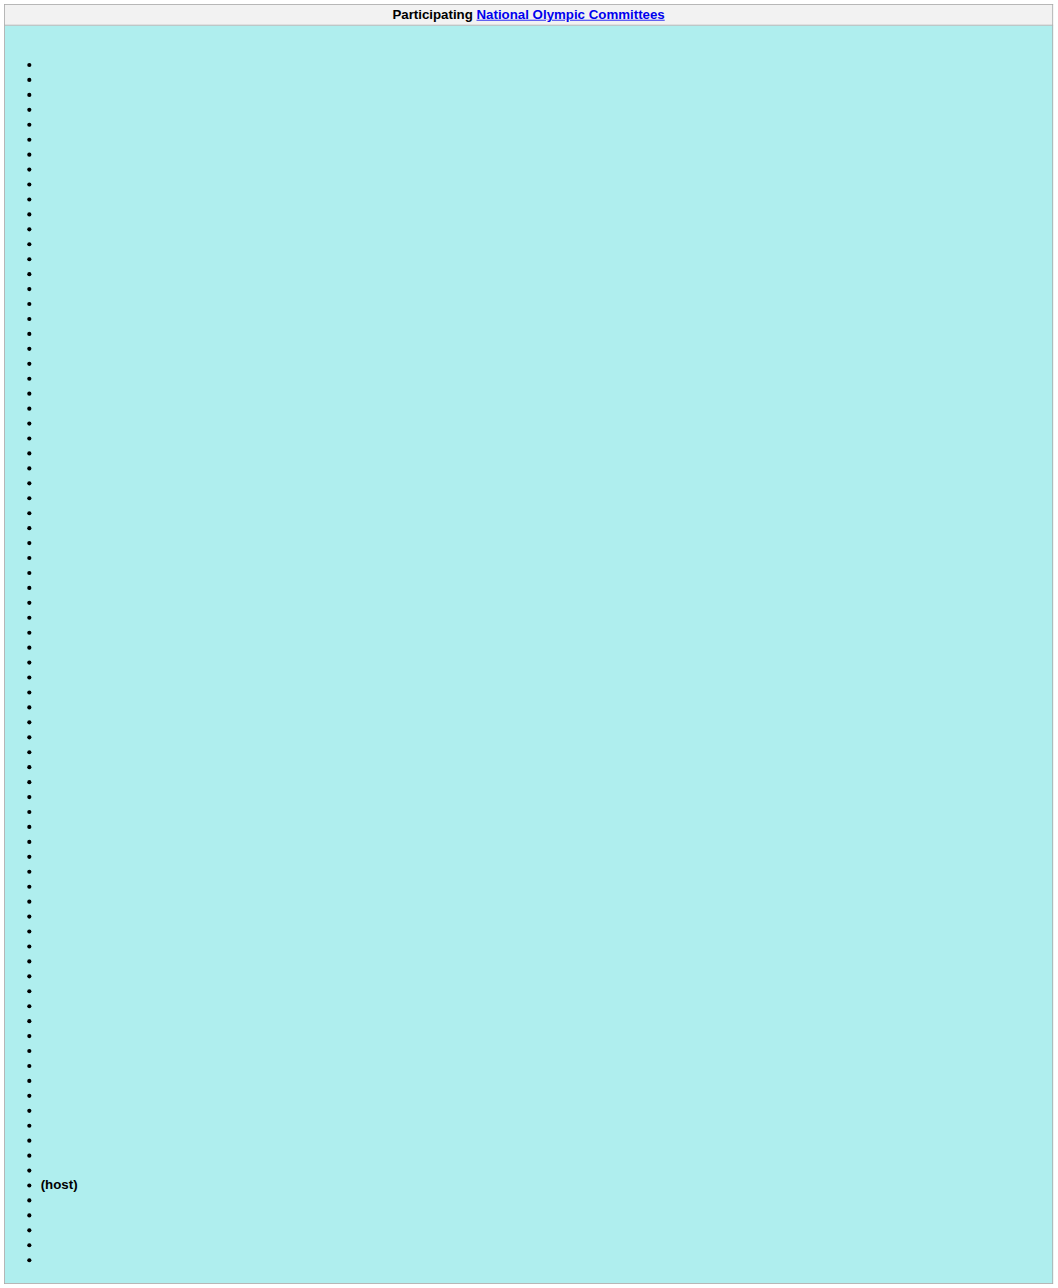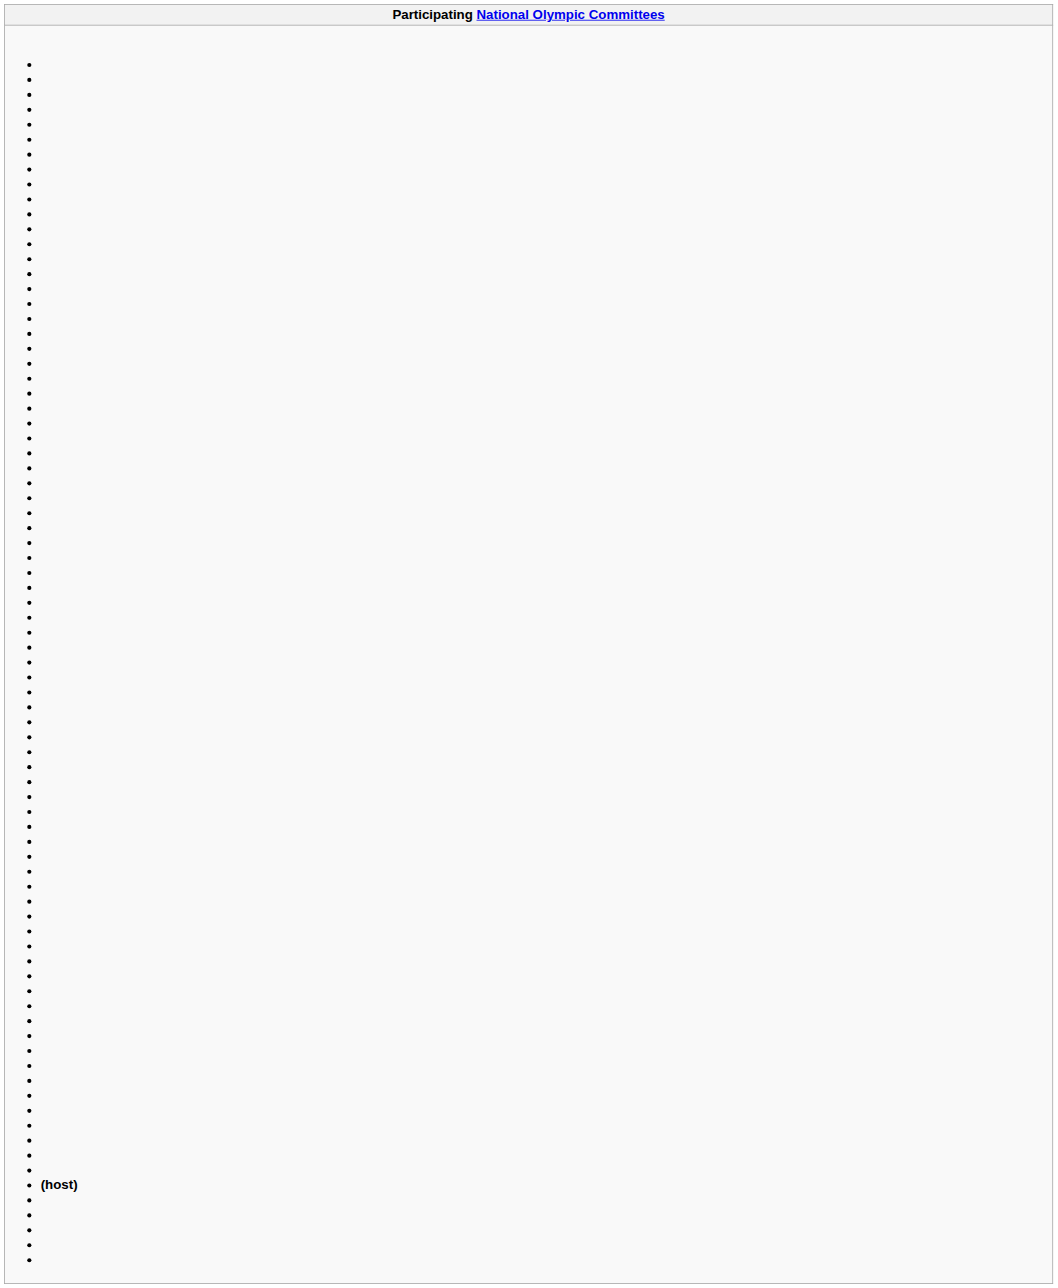 <table class="wikitable collapsible" style="width:100%;">
 <tr>
 <th>Participating <a href='#'>National Olympic Committees</a></th>
 </tr>
 <tr>
-<td style="background: paleturquoise;"><br><ul><li></li><li></li><li><em></em></li><li></li><li><em></em></li><li></li><li><em></em></li><li></li><li></li><li></li><li></li><li></li><li></li><li></li><li></li><li></li><li></li><li></li><li></li><li><em></em></li><li></li><li></li><li></li><li></li><li><em></em></li><li></li><li><em></em></li><li></li><li></li><li></li><li></li><li></li><li></li><li></li><li></li><li><em></em></li><li><em></em></li><li></li><li></li><li></li><li></li><li></li><li></li><li></li><li></li><li></li><li><em></em></li><li></li><li></li><li></li><li></li><li></li><li></li><li></li><li><em></em></li><li><em></em></li><li></li><li></li><li></li><li></li><li><em></em></li><li><em></em></li><li></li><li><em></em></li><li></li><li></li><li></li><li><em></em></li><li></li><li></li><li><em></em></li><li></li><li></li><li></li><li></li><li> <strong>(host)</strong></li><li></li><li></li><li></li><li></li><li></li></ul> </td>
+<td><br><ul><li></li><li></li><li><em></em></li><li></li><li><em></em></li><li></li><li><em></em></li><li></li><li></li><li></li><li></li><li></li><li></li><li></li><li></li><li></li><li></li><li></li><li></li><li><em></em></li><li></li><li></li><li></li><li></li><li><em></em></li><li></li><li><em></em></li><li></li><li></li><li></li><li></li><li></li><li></li><li></li><li></li><li><em></em></li><li><em></em></li><li></li><li></li><li></li><li></li><li></li><li></li><li></li><li></li><li></li><li><em></em></li><li></li><li></li><li></li><li></li><li></li><li></li><li></li><li><em></em></li><li><em></em></li><li></li><li></li><li></li><li></li><li><em></em></li><li><em></em></li><li></li><li><em></em></li><li></li><li></li><li></li><li><em></em></li><li></li><li></li><li><em></em></li><li></li><li></li><li></li><li></li><li> <strong>(host)</strong></li><li></li><li></li><li></li><li></li><li></li></ul> </td>
 </tr>
 </table>
